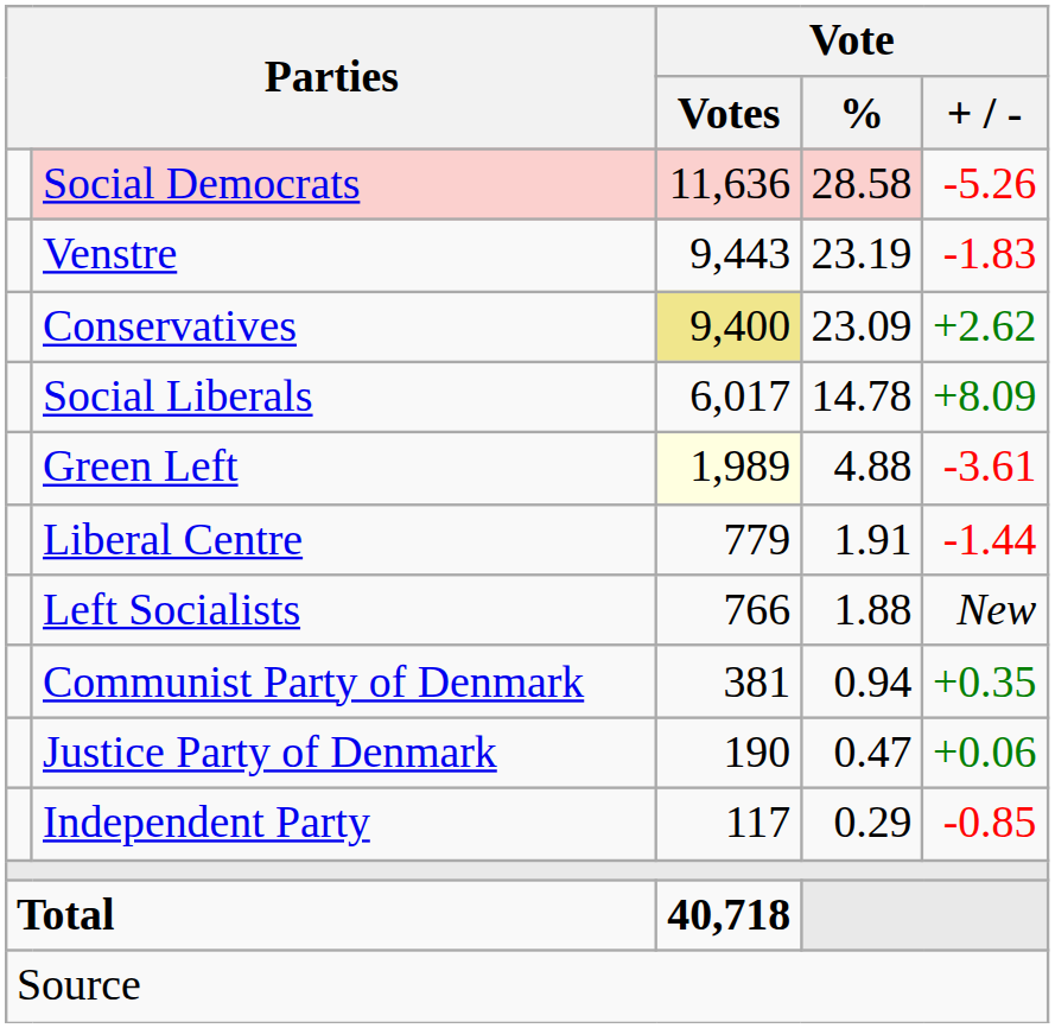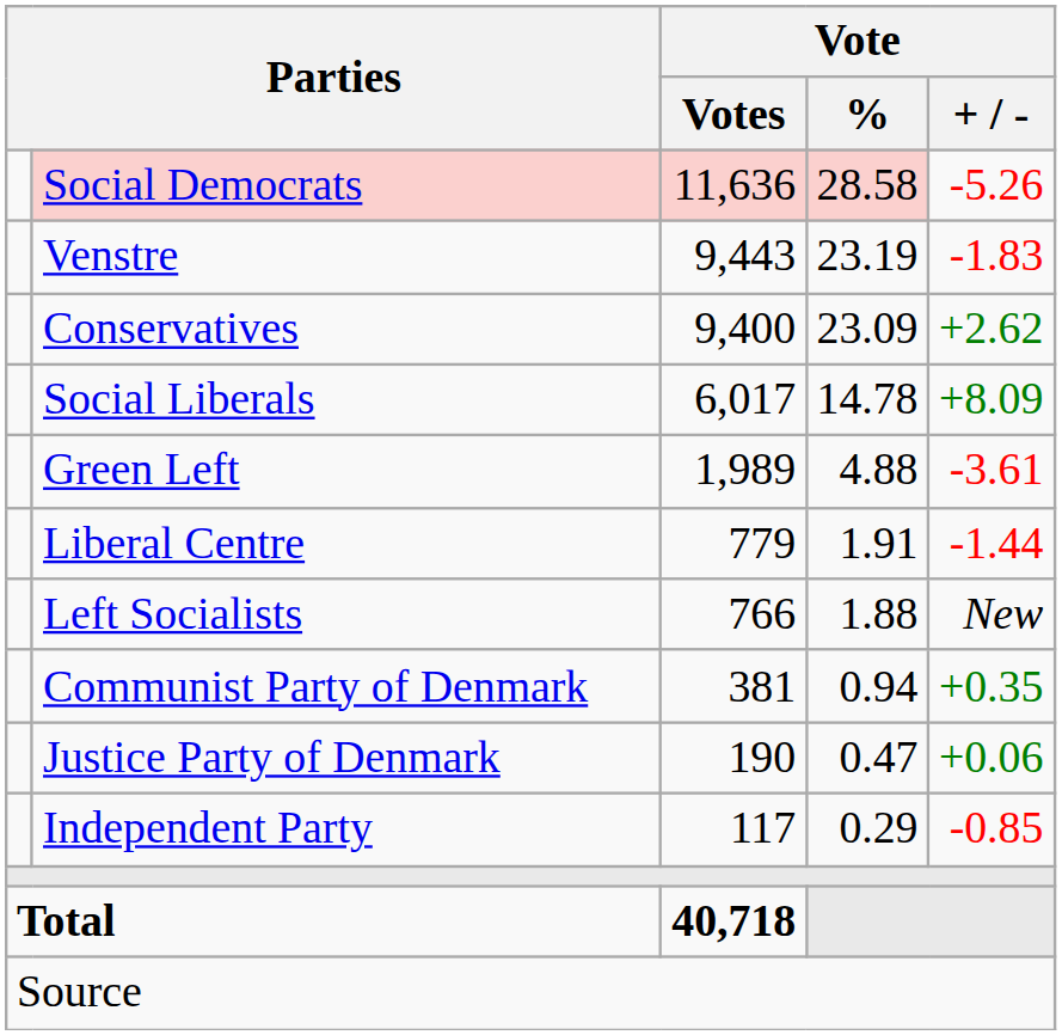 <table class="wikitable" style="text-align:right;">
 <tr>
 <th style="text-align:centre;" rowspan="2" colspan="2" width="225">Parties</th>
 <th colspan="3">Vote</th>
 </tr>
 <tr>
 <th width="15">Votes</th>
 <th width="15">%</th>
 <th width="15">+ / -</th>
 </tr>
 <tr>
 <td width="2" style="color:inherit;background:"></td>
 <td bgcolor=#fbd0ce  align="left"><a href='#'>Social Democrats</a></td>
 <td bgcolor=#fbd0ce>11,636</td>
 <td bgcolor=#fbd0ce>28.58</td>
 <td style=color:red;>-5.26</td>
 </tr>
 <tr>
 <td width="2" style="color:inherit;background:"></td>
 <td align="left"><a href='#'>Venstre</a></td>
 <td>9,443</td>
 <td>23.19</td>
 <td style=color:red;>-1.83</td>
 </tr>
 <tr>
 <td width="2" style="color:inherit;background:"></td>
 <td align="left"><a href='#'>Conservatives</a></td>
-<td style="background: khaki;">9,400</td>
+<td>9,400</td>
 <td>23.09</td>
 <td style=color:green;>+2.62</td>
 </tr>
 <tr>
 <td width="2" style="color:inherit;background:"></td>
 <td align="left"><a href='#'>Social Liberals</a></td>
 <td>6,017</td>
 <td>14.78</td>
 <td style=color:green;>+8.09</td>
 </tr>
 <tr>
 <td width="2" style="color:inherit;background:"></td>
 <td align="left"><a href='#'>Green Left</a></td>
-<td style="background: lightyellow;">1,989</td>
+<td>1,989</td>
 <td>4.88</td>
 <td style=color:red;>-3.61</td>
 </tr>
 <tr>
 <td width="2" style="color:inherit;background:"></td>
 <td align="left"><a href='#'>Liberal Centre</a></td>
 <td>779</td>
 <td>1.91</td>
 <td style=color:red;>-1.44</td>
 </tr>
 <tr>
 <td width="2" style="color:inherit;background:"></td>
 <td align="left"><a href='#'>Left Socialists</a></td>
 <td>766</td>
 <td>1.88</td>
 <td><em>New</em></td>
 </tr>
 <tr>
 <td width="2" style="color:inherit;background:"></td>
 <td align="left"><a href='#'>Communist Party of Denmark</a></td>
 <td>381</td>
 <td>0.94</td>
 <td style=color:green;>+0.35</td>
 </tr>
 <tr>
 <td width="2" style="color:inherit;background:"></td>
 <td align="left"><a href='#'>Justice Party of Denmark</a></td>
 <td>190</td>
 <td>0.47</td>
 <td style=color:green;>+0.06</td>
 </tr>
 <tr>
 <td width="2" style="color:inherit;background:"></td>
 <td align="left"><a href='#'>Independent Party</a></td>
 <td>117</td>
 <td>0.29</td>
 <td style=color:red;>-0.85</td>
 </tr>
 <tr>
 <td colspan="7" bgcolor="#E9E9E9"></td>
 </tr>
 <tr>
 <td align="left" colspan="2"><strong>Total</strong></td>
 <td><strong>40,718</strong></td>
 <td bgcolor="#E9E9E9" colspan="2"></td>
 </tr>
 <tr>
 <td align="left" colspan="6">Source</td>
 </tr>
 </table>
